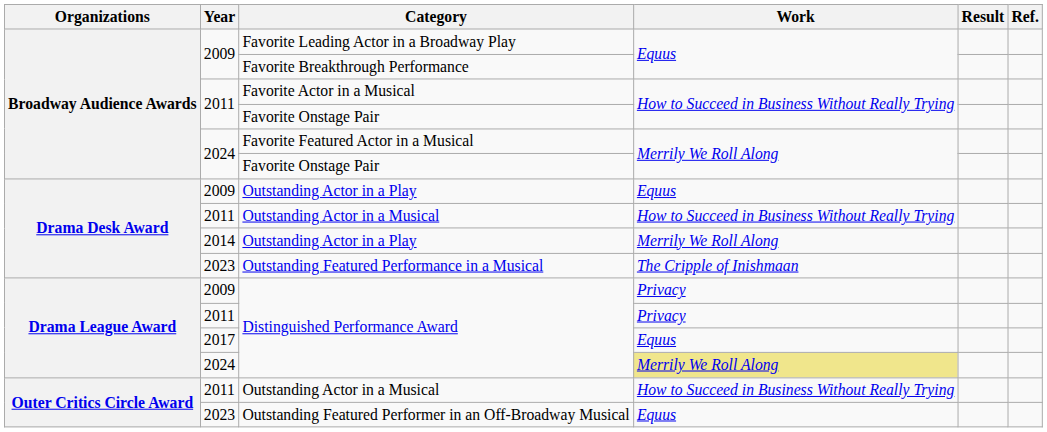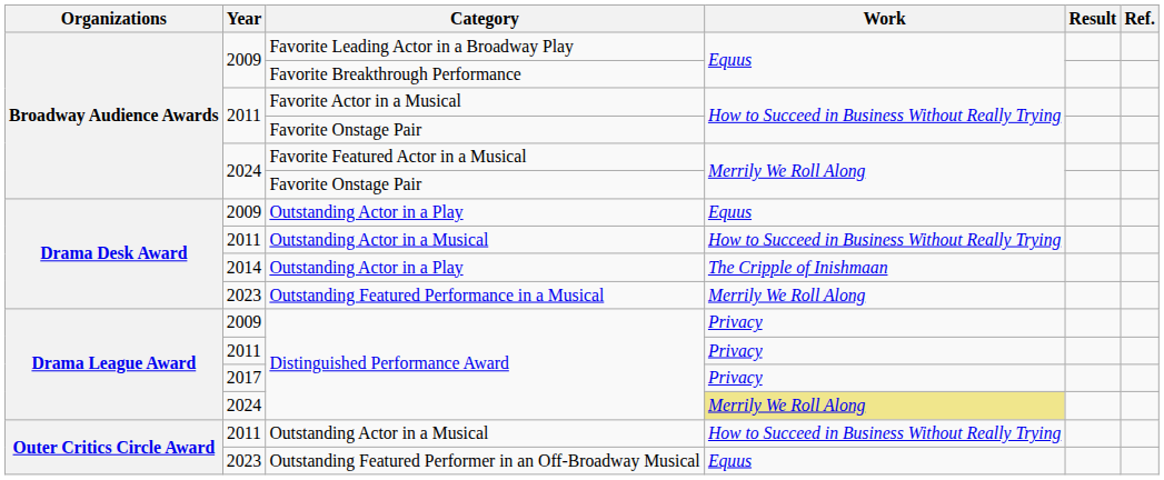 <table class="wikitable sortable plainrowheaders">
 <tr>
 <th>Organizations</th>
 <th>Year</th>
 <th>Category</th>
 <th>Work</th>
 <th>Result</th>
 <th class="unsortable">Ref.</th>
 </tr>
 <tr>
 <th rowspan="6" scope="row">Broadway Audience Awards</th>
 <td style="text-align:center;", rowspan=2>2009</td>
 <td>Favorite Leading Actor in a Broadway Play</td>
 <td rowspan=2><em><a href='#'>Equus</a></em></td>
 <td></td>
 <td style="text-align:center;"></td>
 </tr>
 <tr>
 <td>Favorite Breakthrough Performance</td>
 <td></td>
 <td style="text-align:center;"></td>
 </tr>
 <tr>
 <td style="text-align:center;", rowspan=2>2011</td>
 <td>Favorite Actor in a Musical</td>
 <td rowspan=2><em><a href='#'>How to Succeed in Business Without Really Trying</a></em></td>
 <td></td>
 <td style="text-align:center;"></td>
 </tr>
 <tr>
 <td>Favorite Onstage Pair</td>
 <td></td>
 <td style="text-align:center;"></td>
 </tr>
 <tr>
 <td style="text-align:center;", rowspan=2>2024</td>
 <td>Favorite Featured Actor in a Musical</td>
 <td rowspan=2><em><a href='#'>Merrily We Roll Along</a></em></td>
 <td></td>
 <td style="text-align:center;"></td>
 </tr>
 <tr>
 <td>Favorite Onstage Pair</td>
 <td></td>
 <td style="text-align:center;"></td>
 </tr>
 <tr>
 <th rowspan="4" scope="row"><a href='#'>Drama Desk Award</a></th>
 <td style="text-align:center;">2009</td>
 <td><a href='#'>Outstanding Actor in a Play</a></td>
 <td><em><a href='#'>Equus</a></em></td>
 <td></td>
 <td style="text-align:center;"></td>
 </tr>
 <tr>
 <td style="text-align:center;">2011</td>
 <td><a href='#'>Outstanding Actor in a Musical</a></td>
 <td><em><a href='#'>How to Succeed in Business Without Really Trying</a></em></td>
 <td></td>
 <td style="text-align:center;"></td>
 </tr>
 <tr>
 <td style="text-align:center;">2014</td>
 <td><a href='#'>Outstanding Actor in a Play</a></td>
-<td><em><a href='#'>Merrily We Roll Along</a></em></td>
+<td><em><a href='#'>The Cripple of Inishmaan</a></em></td>
 <td></td>
 <td style="text-align:center;"></td>
 </tr>
 <tr>
 <td style="text-align:center;">2023</td>
 <td><a href='#'>Outstanding Featured Performance in a Musical</a></td>
-<td><em><a href='#'>The Cripple of Inishmaan</a></em></td>
+<td><em><a href='#'>Merrily We Roll Along</a></em></td>
 <td></td>
 <td style="text-align:center;"></td>
 </tr>
 <tr>
 <th rowspan="4" scope="row"><a href='#'>Drama League Award</a></th>
 <td style="text-align:center;">2009</td>
 <td rowspan=4><a href='#'>Distinguished Performance Award</a></td>
 <td><em><a href='#'>Privacy</a></em></td>
 <td></td>
 <td style="text-align:center;"></td>
 </tr>
 <tr>
 <td style="text-align:center;">2011</td>
 <td><em><a href='#'>Privacy</a></em></td>
 <td></td>
 <td style="text-align:center;"></td>
 </tr>
 <tr>
 <td style="text-align:center;">2017</td>
-<td><em><a href='#'>Equus</a></em></td>
+<td><em><a href='#'>Privacy</a></em></td>
 <td></td>
 <td style="text-align:center;"></td>
 </tr>
 <tr>
 <td style="text-align:center;">2024</td>
 <td style="background: khaki;"><em><a href='#'>Merrily We Roll Along</a></em></td>
 <td></td>
 <td style="text-align:center;"></td>
 </tr>
 <tr>
 <th rowspan="2" scope="row"><a href='#'>Outer Critics Circle Award</a></th>
 <td style="text-align:center;">2011</td>
 <td>Outstanding Actor in a Musical</td>
 <td><em><a href='#'>How to Succeed in Business Without Really Trying</a></em></td>
 <td></td>
 <td style="text-align:center;"></td>
 </tr>
 <tr>
 <td style="text-align:center;">2023</td>
 <td>Outstanding Featured Performer in an Off-Broadway Musical</td>
 <td><em><a href='#'>Equus</a></em></td>
 <td></td>
 <td style="text-align:center;"></td>
 </tr>
 </table>
